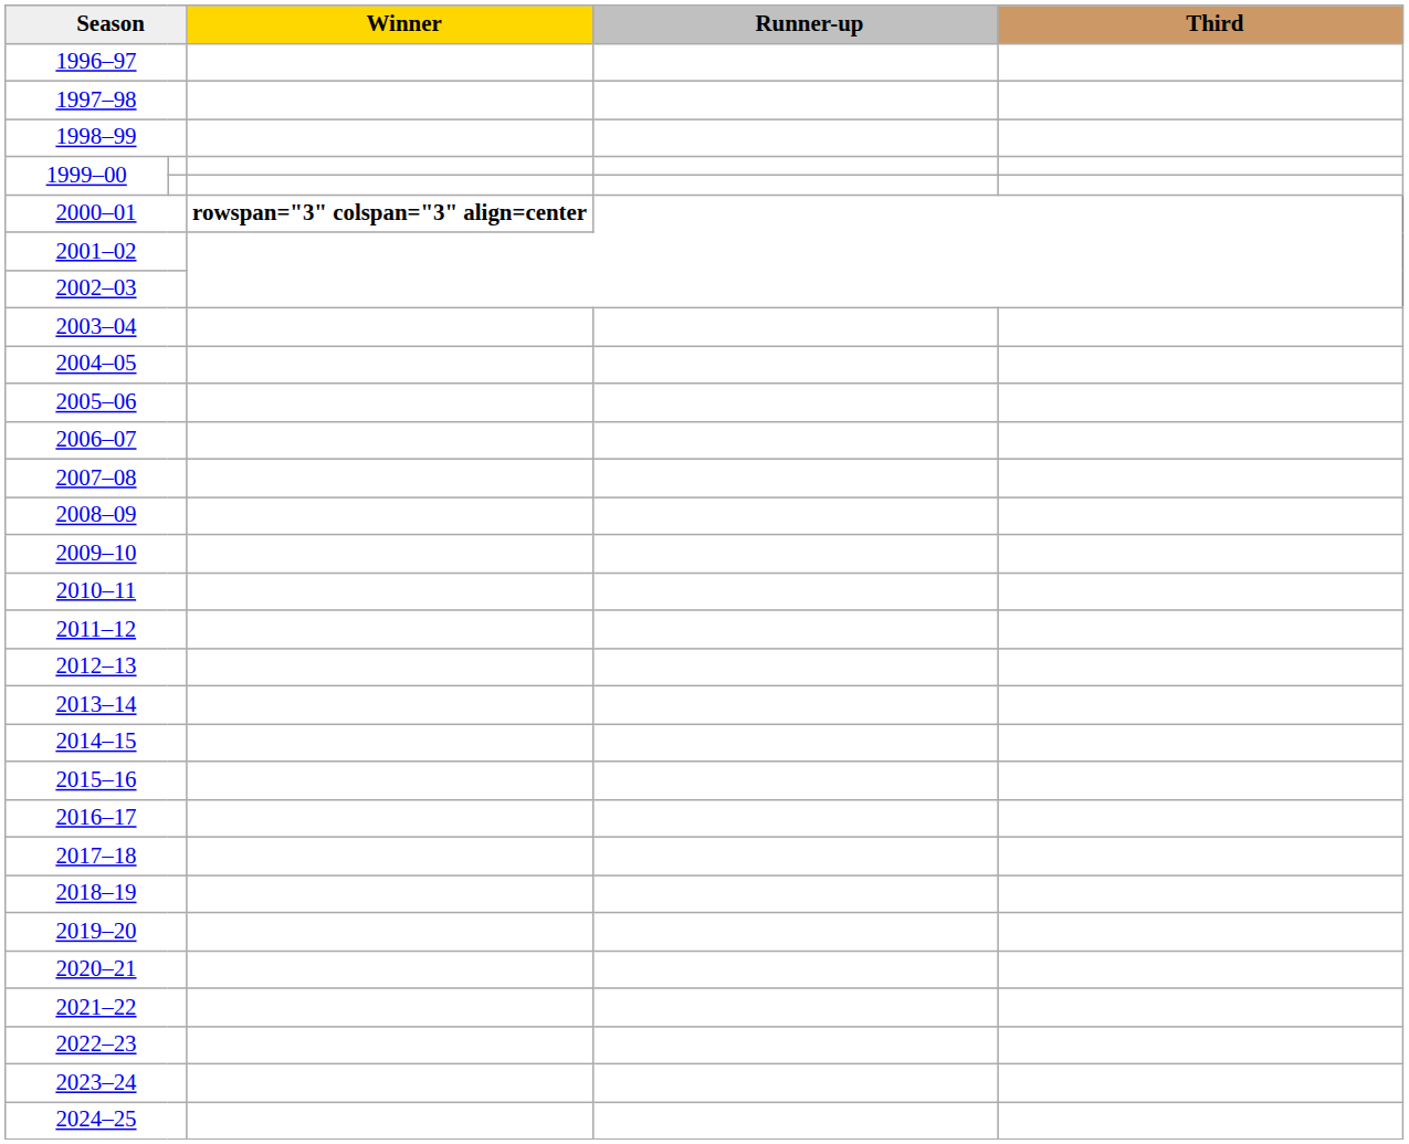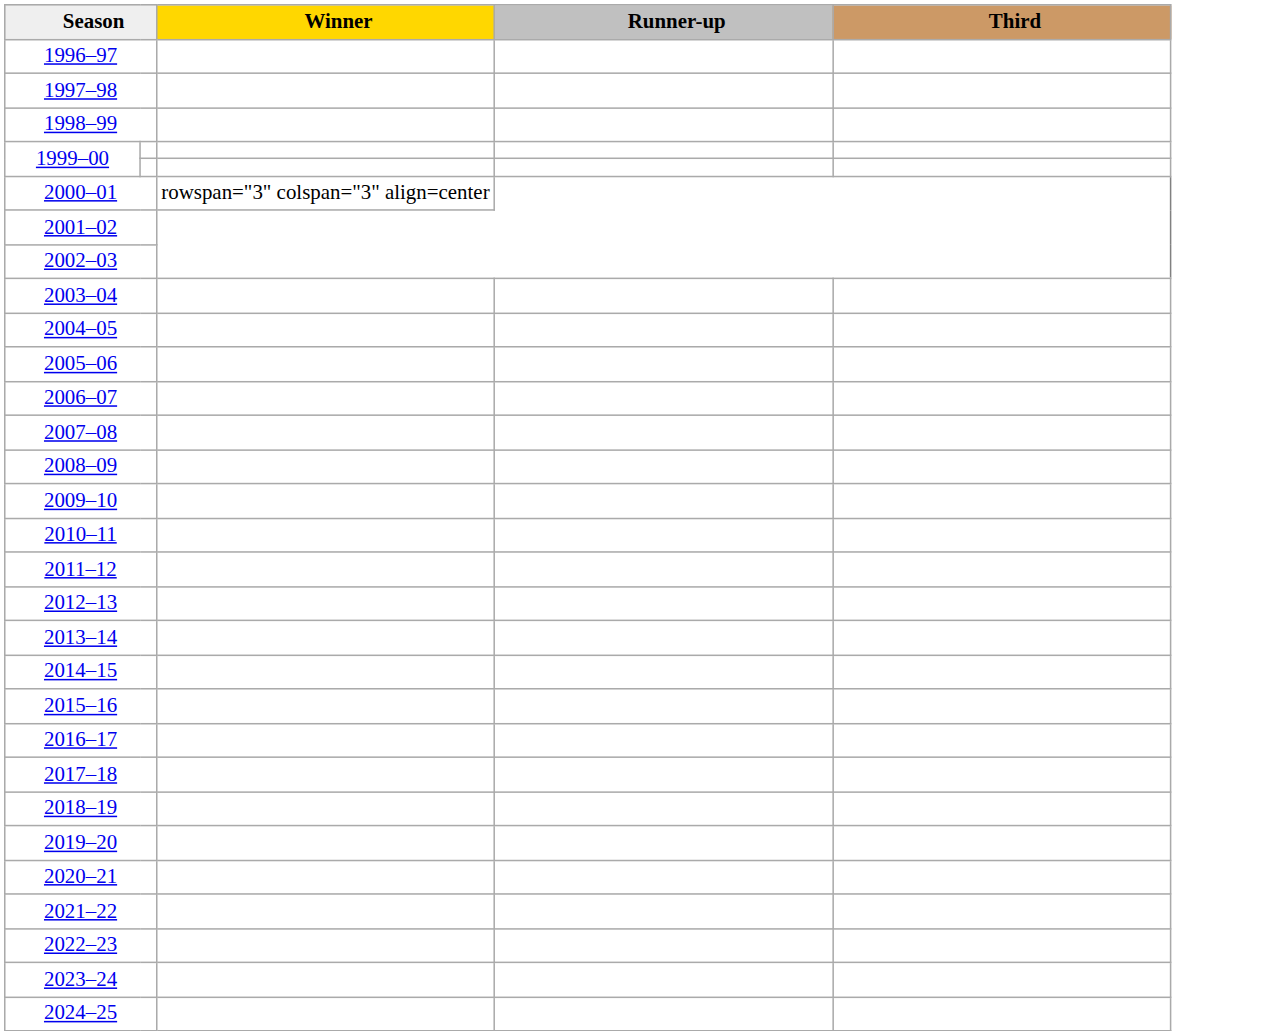 <table class="wikitable sortable" style="background:#fff; font-size:86%; line-height:16px; border:gray solid 1px">
 <tr style="background:#ccc; text-align:center;">
 <th colspan=2 style="width:13%; background:#efefef;">     Season</th>
 <th style="width:29%; background:gold">     Winner</th>
 <th style="width:29%; background:silver">     Runner-up</th>
 <th style="width:29%; background:#c96;">     Third</th>
 </tr>
 <tr>
 <td colspan=2 align=center><a href='#'>1996–97</a></td>
 <td></td>
 <td></td>
 <td></td>
 </tr>
 <tr>
 <td colspan=2 align=center><a href='#'>1997–98</a></td>
 <td></td>
 <td></td>
 <td></td>
 </tr>
 <tr>
 <td colspan=2 align=center><a href='#'>1998–99</a></td>
 <td></td>
 <td></td>
 <td></td>
 </tr>
 <tr>
 <td rowspan=2 align=center><a href='#'>1999–00</a></td>
 <td align=center></td>
 <td></td>
 <td></td>
 <td></td>
 </tr>
 <tr>
 <td align=center></td>
 <td></td>
 <td></td>
 <td></td>
 </tr>
 <tr>
 <td colspan=2 align=center><a href='#'>2000–01</a></td>
-<td><strong>rowspan="3" colspan="3" align=center </strong></td>
+<td>rowspan="3" colspan="3" align=center </td>
 </tr>
 <tr>
 <td colspan=2 align=center><a href='#'>2001–02</a></td>
 </tr>
 <tr>
 <td colspan=2 align=center><a href='#'>2002–03</a></td>
 </tr>
 <tr>
 <td colspan=2 align=center><a href='#'>2003–04</a></td>
 <td></td>
 <td></td>
 <td></td>
 </tr>
 <tr>
 <td colspan=2 align=center><a href='#'>2004–05</a></td>
 <td></td>
 <td></td>
 <td></td>
 </tr>
 <tr>
 <td colspan=2 align=center><a href='#'>2005–06</a></td>
 <td></td>
 <td></td>
 <td></td>
 </tr>
 <tr>
 <td colspan=2 align=center><a href='#'>2006–07</a></td>
 <td></td>
 <td></td>
 <td></td>
 </tr>
 <tr>
 <td colspan=2 align=center><a href='#'>2007–08</a></td>
 <td></td>
 <td></td>
 <td></td>
 </tr>
 <tr>
 <td colspan=2 align=center><a href='#'>2008–09</a></td>
 <td></td>
 <td></td>
 <td></td>
 </tr>
 <tr>
 <td colspan=2 align=center><a href='#'>2009–10</a></td>
 <td></td>
 <td></td>
 <td></td>
 </tr>
 <tr>
 <td colspan=2 align=center><a href='#'>2010–11</a></td>
 <td></td>
 <td></td>
 <td></td>
 </tr>
 <tr>
 <td colspan=2 align=center><a href='#'>2011–12</a></td>
 <td></td>
 <td></td>
 <td></td>
 </tr>
 <tr>
 <td colspan=2 align=center><a href='#'>2012–13</a></td>
 <td></td>
 <td></td>
 <td></td>
 </tr>
 <tr>
 <td colspan=2 align=center><a href='#'>2013–14</a></td>
 <td></td>
 <td></td>
 <td></td>
 </tr>
 <tr>
 <td colspan=2 align=center><a href='#'>2014–15</a></td>
 <td></td>
 <td></td>
 <td></td>
 </tr>
 <tr>
 <td colspan=2 align=center><a href='#'>2015–16</a></td>
 <td></td>
 <td></td>
 <td></td>
 </tr>
 <tr>
 <td colspan=2 align=center><a href='#'>2016–17</a></td>
 <td></td>
 <td></td>
 <td></td>
 </tr>
 <tr>
 <td colspan=2 align=center><a href='#'>2017–18</a></td>
 <td></td>
 <td></td>
 <td></td>
 </tr>
 <tr>
 <td colspan=2 align=center><a href='#'>2018–19</a></td>
 <td></td>
 <td></td>
 <td></td>
 </tr>
 <tr>
 <td colspan=2 align=center><a href='#'>2019–20</a></td>
 <td></td>
 <td></td>
 <td></td>
 </tr>
 <tr>
 <td colspan=2 align=center><a href='#'>2020–21</a></td>
 <td></td>
 <td></td>
 <td></td>
 </tr>
 <tr>
 <td colspan=2 align=center><a href='#'>2021–22</a></td>
 <td></td>
 <td></td>
 <td></td>
 </tr>
 <tr>
 <td colspan=2 align=center><a href='#'>2022–23</a></td>
 <td></td>
 <td></td>
 <td></td>
 </tr>
 <tr>
 <td colspan=2 align=center><a href='#'>2023–24</a></td>
 <td></td>
 <td></td>
 <td></td>
 </tr>
 <tr>
 <td colspan=2 align=center><a href='#'>2024–25</a></td>
 <td></td>
 <td></td>
 <td></td>
 </tr>
 </table>
